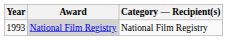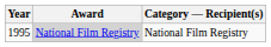 <table class="wikitable" style="font-size:95%;">
 <tr>
 <th>Year</th>
 <th>Award</th>
 <th>Category — Recipient(s)</th>
 </tr>
 <tr>
-<td>1993</td>
+<td>1995</td>
 <td style="background: lightgrey;"><a href='#'>National Film Registry</a></td>
 <td>National Film Registry</td>
 </tr>
 </table>
